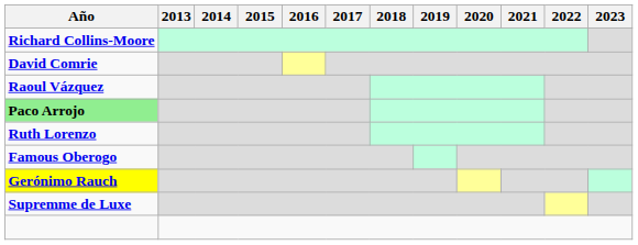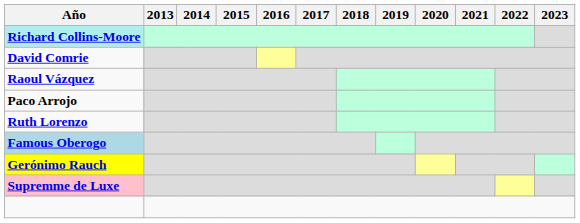 <table class="wikitable">
 <tr>
 <th colspan="">Año</th>
 <th>2013</th>
 <th width="40" !>2014</th>
 <th width="40" !>2015</th>
 <th width="40" !>2016</th>
 <th width="40" !>2017</th>
 <th width="40">2018</th>
 <th width="40">2019</th>
 <th width="40">2020</th>
 <th width="40">2021</th>
 <th width="40">2022</th>
 <th width="40">2023</th>
 </tr>
 <tr>
-<td><strong><a href='#'>Richard Collins-Moore</a></strong></td>
+<td style="background: paleturquoise;"><strong><a href='#'>Richard Collins-Moore</a></strong></td>
 <td colspan="10" bgcolor="#bfd"></td>
 <td colspan="1" bgcolor="#DCDCDC"></td>
 </tr>
 <tr>
 <td><strong><a href='#'>David Comrie</a></strong></td>
 <td colspan="3" bgcolor="#DCDCDC"></td>
 <td colspan="1" bgcolor="#FF9"></td>
 <td colspan="7" bgcolor="#DCDCDC"></td>
 </tr>
 <tr>
 <td><strong><a href='#'>Raoul Vázquez</a></strong></td>
 <td colspan="5" bgcolor="#DCDCDC"></td>
 <td colspan="4" bgcolor="#bfd"></td>
 <td colspan="2" bgcolor="#DCDCDC"></td>
 </tr>
 <tr>
-<td style="background: lightgreen;"><strong>Paco Arrojo</strong></td>
+<td><strong>Paco Arrojo</strong></td>
 <td colspan="5" bgcolor="#DCDCDC"></td>
 <td colspan="4" bgcolor="#bfd"></td>
 <td colspan="2" bgcolor="#DCDCDC"></td>
 </tr>
 <tr>
 <td><strong><a href='#'>Ruth Lorenzo</a></strong></td>
 <td colspan="5" bgcolor="#DCDCDC"></td>
 <td colspan="4" bgcolor="#bfd"></td>
 <td colspan="2" bgcolor="#DCDCDC"></td>
 </tr>
 <tr>
-<td><strong><a href='#'>Famous Oberogo</a></strong></td>
+<td style="background: lightblue;"><strong><a href='#'>Famous Oberogo</a></strong></td>
 <td colspan="6" bgcolor="#DCDCDC"></td>
 <td colspan="1" bgcolor="#bfd"></td>
 <td colspan="4" bgcolor="#DCDCDC"></td>
 </tr>
 <tr>
 <td colspan="1" bgcolor="yellow"><strong><a href='#'>Gerónimo Rauch</a></strong></td>
 <td colspan="7" bgcolor="#DCDCDC"></td>
 <td colspan="1" bgcolor="#FF9"></td>
 <td colspan="2" bgcolor="#DCDCDC"></td>
 <td colspan="1" bgcolor="#bfd"></td>
 </tr>
 <tr>
-<td><strong><a href='#'>Supremme de Luxe</a></strong></td>
+<td style="background: pink;"><strong><a href='#'>Supremme de Luxe</a></strong></td>
 <td colspan="9" bgcolor="#DCDCDC"></td>
 <td colspan="1" bgcolor="#FF9"></td>
 <td colspan="1" bgcolor="#DCDCDC"></td>
 </tr>
 <tr>
 <td><br></td>
 </tr>
 </table>
